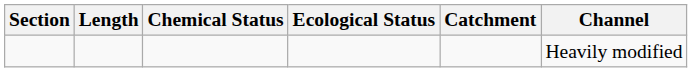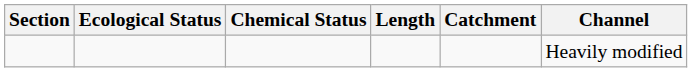 <table class="wikitable">
 <tr>
 <th>Section</th>
+<th>Ecological Status</th>
+<th>Chemical Status</th>
 <th>Length</th>
-<th>Chemical Status</th>
-<th>Ecological Status</th>
 <th>Catchment</th>
 <th>Channel</th>
 </tr>
 <tr>
 <td></td>
 <td></td>
 <td></td>
 <td></td>
 <td></td>
 <td>Heavily modified</td>
 </tr>
 </table>
